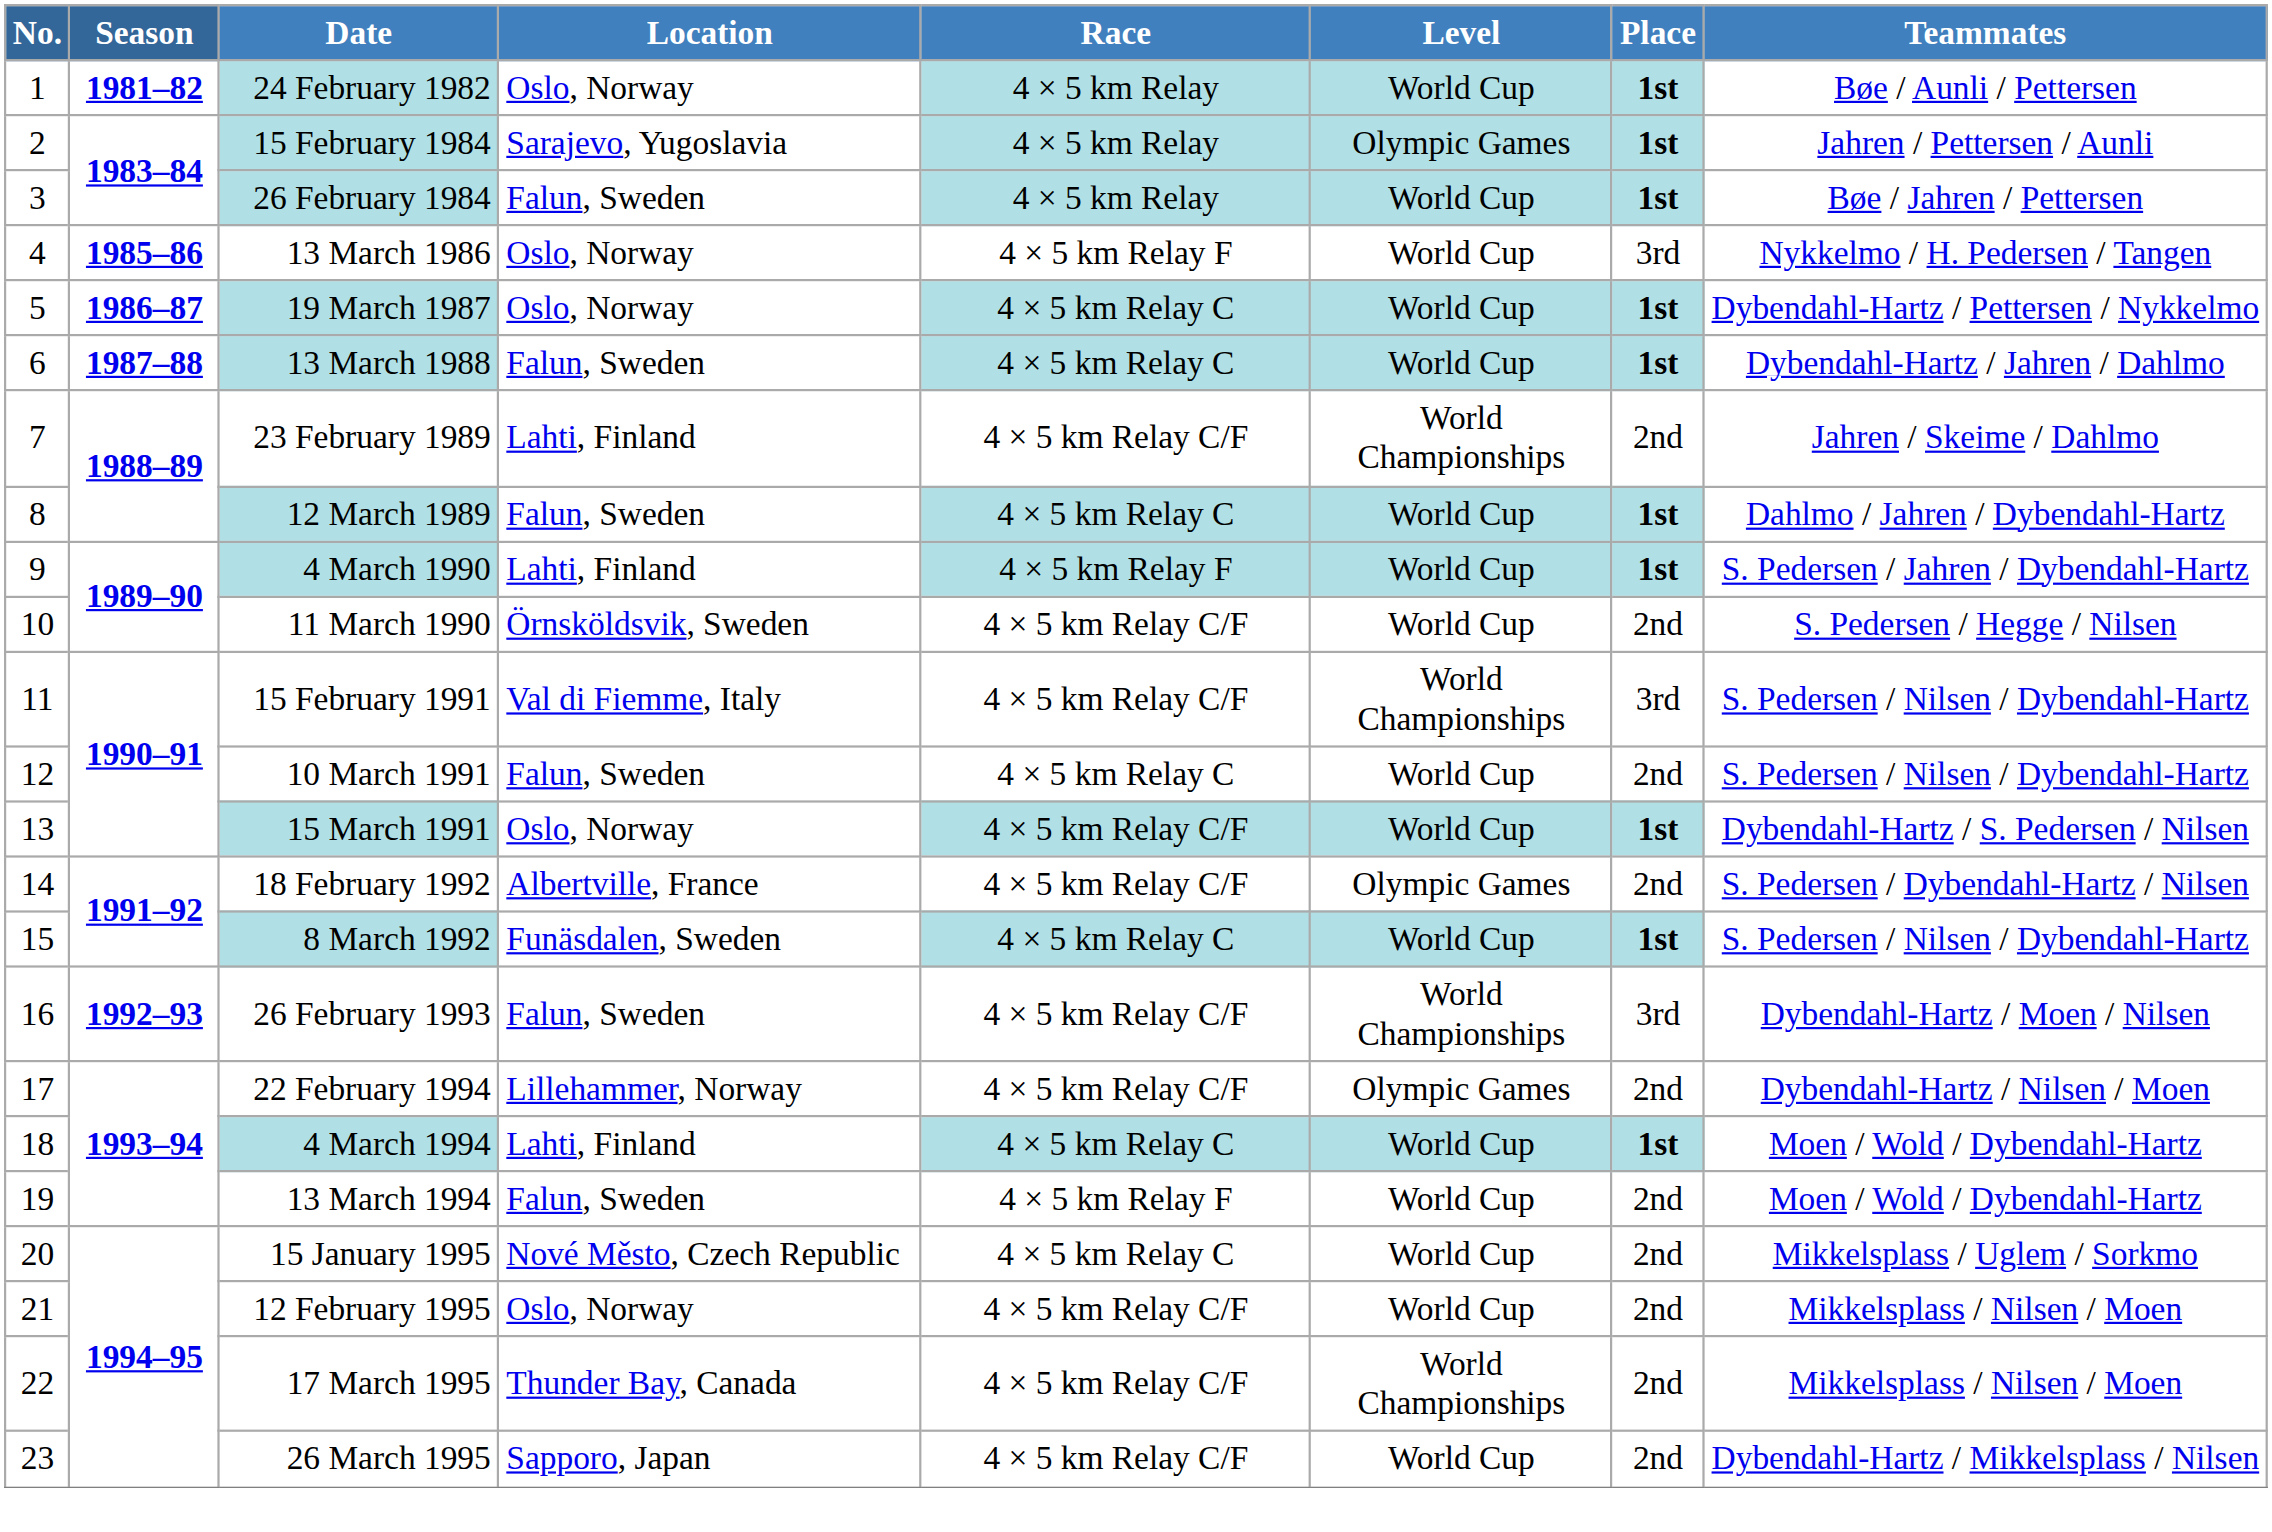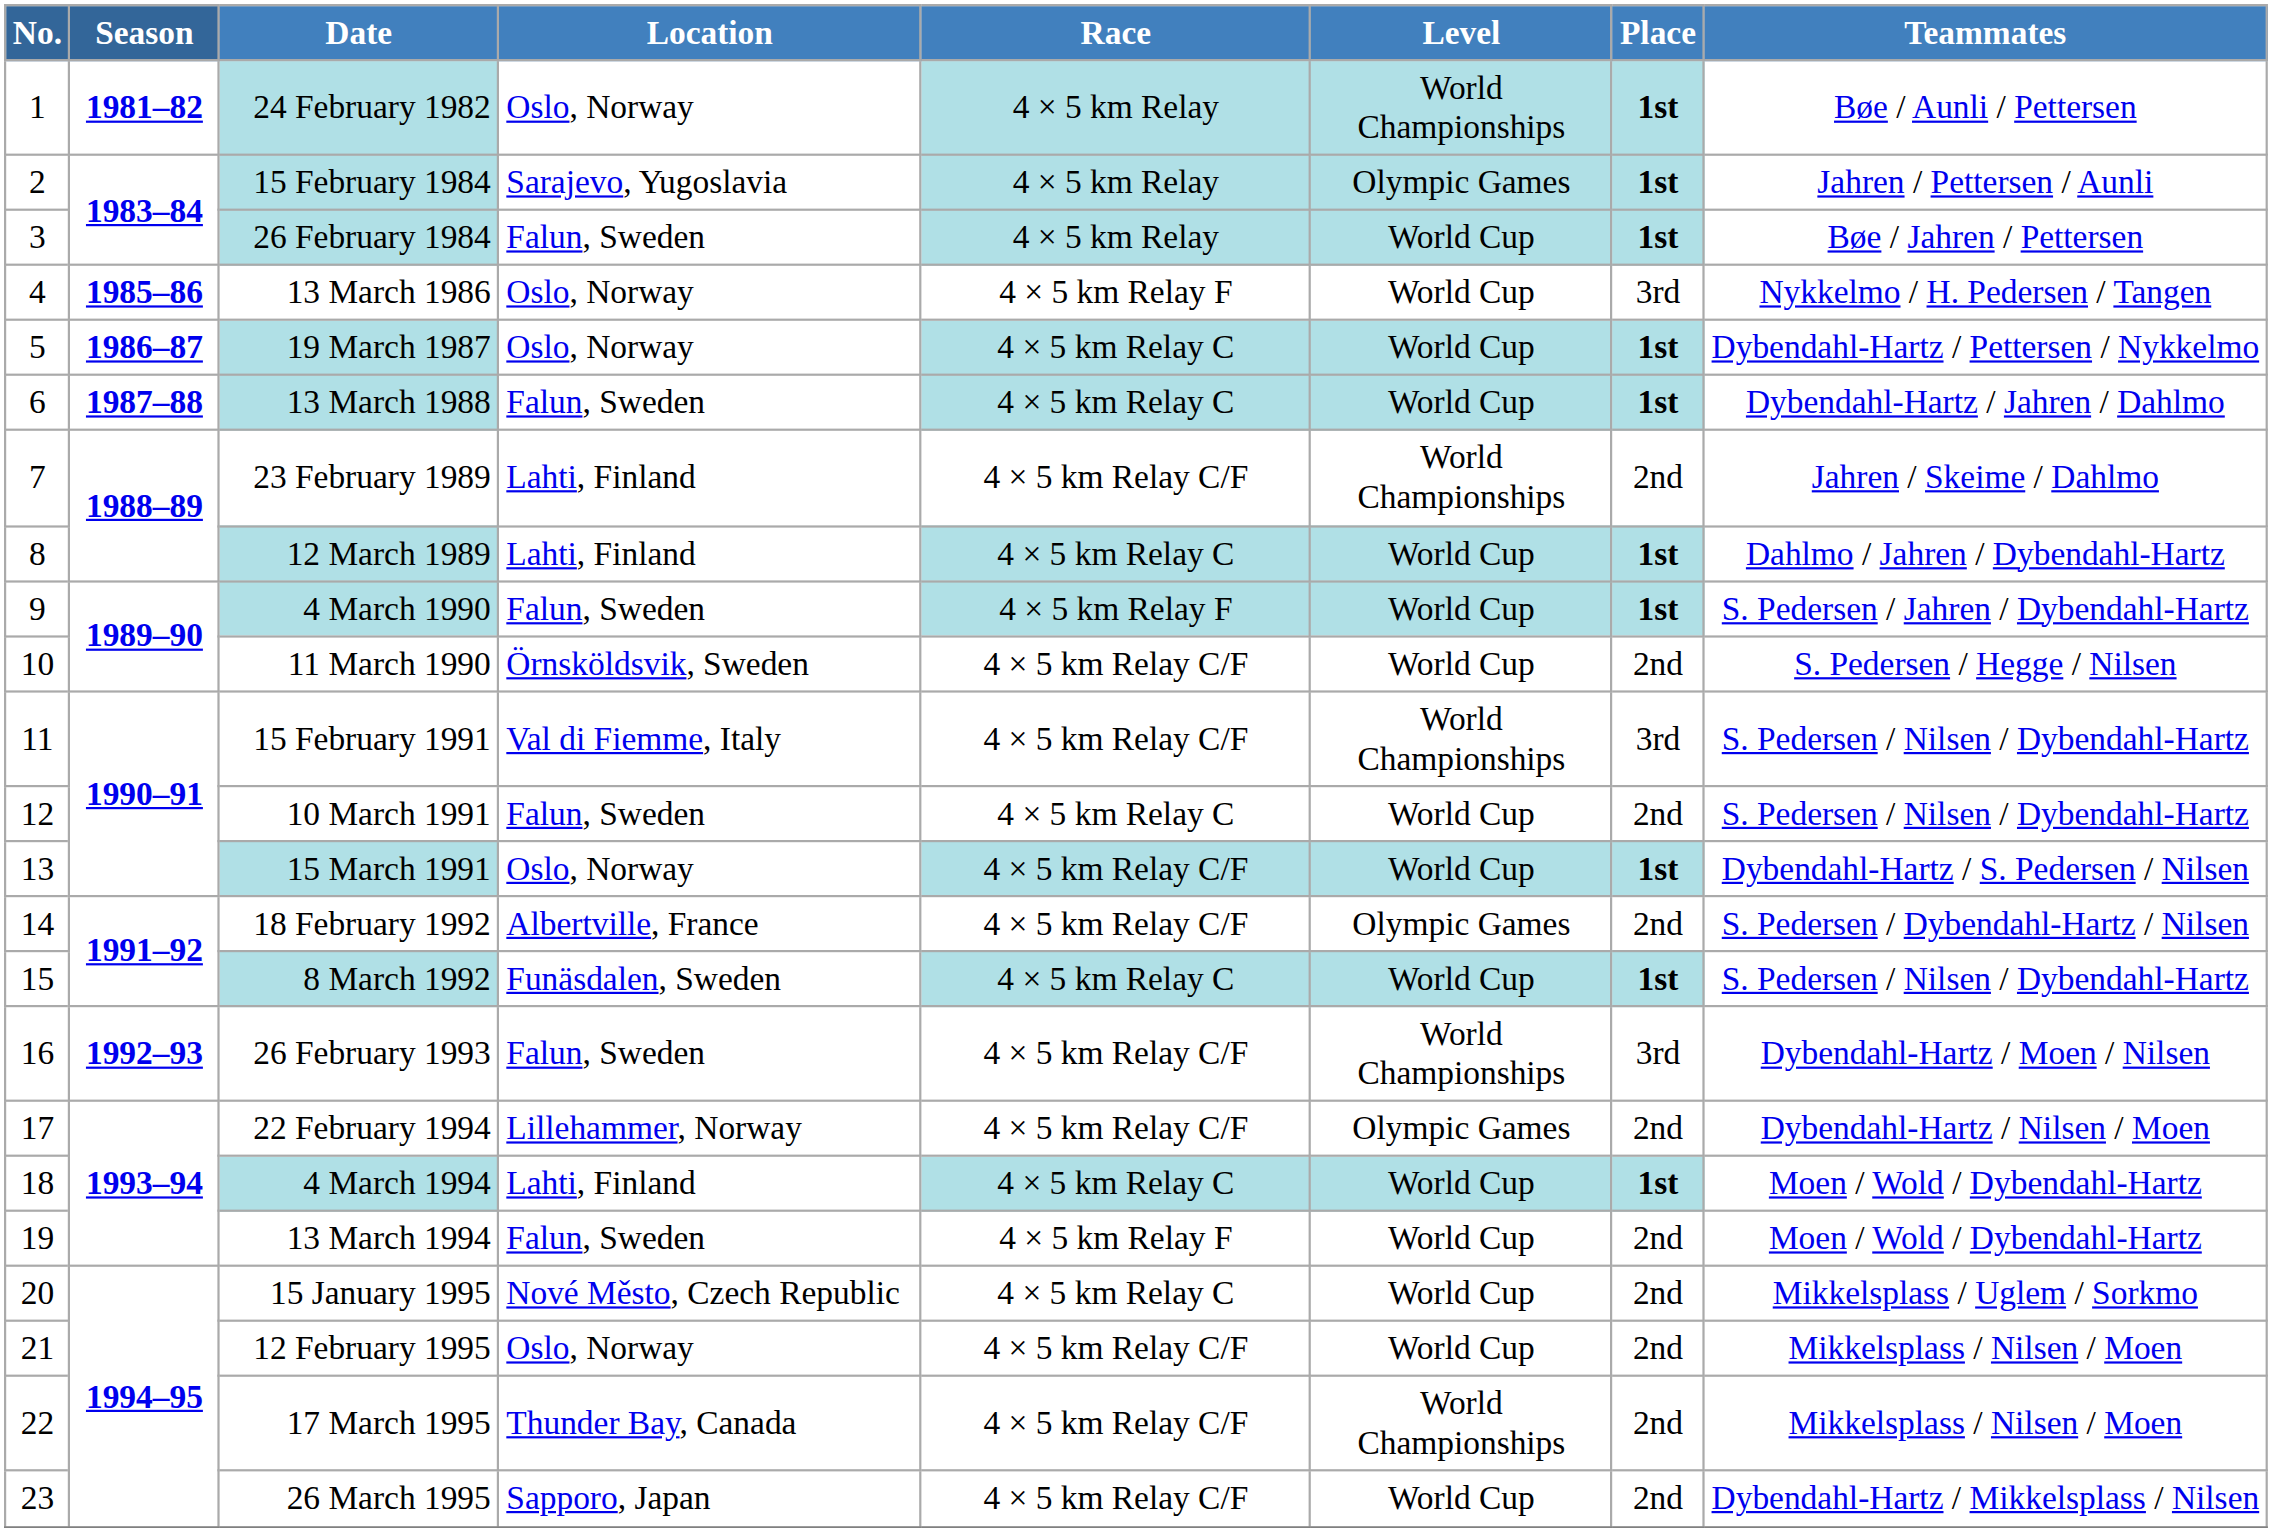 <table class="wikitable sortable" style="font-size:95%; text-align:center; border:grey solid 1px; border-collapse:collapse; background:#ffffff;">
 <tr style="background:#efefef;">
 <th style="background-color:#369; color:white;">No.</th>
 <th style="background-color:#369; color:white;">Season</th>
 <th style="background-color:#4180be; color:white; width:120px;">Date</th>
 <th style="background-color:#4180be; color:white; width:185px;">Location</th>
 <th style="background-color:#4180be; color:white; width:170px;">Race</th>
 <th style="background-color:#4180be; color:white; width:130px;">Level</th>
 <th style="background-color:#4180be; color:white;">Place</th>
 <th style="background-color:#4180be; color:white;">Teammates</th>
 </tr>
 <tr>
 <td align=center>1</td>
 <td rowspan=1 align=center><strong><a href='#'>1981–82</a></strong></td>
 <td bgcolor="#BOEOE6" align=right>24 February 1982</td>
 <td align=left> <a href='#'>Oslo</a>, Norway</td>
 <td bgcolor="#BOEOE6">4 × 5 km Relay</td>
-<td bgcolor="#BOEOE6">World Cup</td>
+<td bgcolor="#BOEOE6">World Championships</td>
 <td bgcolor="#BOEOE6"><strong>1st</strong></td>
 <td><a href='#'>Bøe</a> / <a href='#'>Aunli</a> / <a href='#'>Pettersen</a></td>
 </tr>
 <tr>
 <td align=center>2</td>
 <td rowspan=2 align=center><strong><a href='#'>1983–84</a></strong></td>
 <td bgcolor="#BOEOE6" align=right>15 February 1984</td>
 <td align=left> <a href='#'>Sarajevo</a>, Yugoslavia</td>
 <td bgcolor="#BOEOE6">4 × 5 km Relay</td>
 <td bgcolor="#BOEOE6">Olympic Games</td>
 <td bgcolor="#BOEOE6"><strong>1st</strong></td>
 <td><a href='#'>Jahren</a> / <a href='#'>Pettersen</a> / <a href='#'>Aunli</a></td>
 </tr>
 <tr>
 <td align=center>3</td>
 <td bgcolor="#BOEOE6" align=right>26 February 1984</td>
 <td align=left> <a href='#'>Falun</a>, Sweden</td>
 <td bgcolor="#BOEOE6">4 × 5 km Relay</td>
 <td bgcolor="#BOEOE6">World Cup</td>
 <td bgcolor="#BOEOE6"><strong>1st</strong></td>
 <td><a href='#'>Bøe</a> / <a href='#'>Jahren</a> / <a href='#'>Pettersen</a></td>
 </tr>
 <tr>
 <td align=center>4</td>
 <td rowspan=1 align=center><strong> <a href='#'>1985–86</a> </strong></td>
 <td align=right>13 March 1986</td>
 <td align=left> <a href='#'>Oslo</a>, Norway</td>
 <td>4 × 5 km Relay F</td>
 <td>World Cup</td>
 <td>3rd</td>
 <td><a href='#'>Nykkelmo</a> / <a href='#'>H. Pedersen</a> / <a href='#'>Tangen</a></td>
 </tr>
 <tr>
 <td align=center>5</td>
 <td rowspan=1 align=center><strong><a href='#'>1986–87</a></strong></td>
 <td bgcolor="#BOEOE6" align=right>19 March 1987</td>
 <td align=left> <a href='#'>Oslo</a>, Norway</td>
 <td bgcolor="#BOEOE6">4 × 5 km Relay C</td>
 <td bgcolor="#BOEOE6">World Cup</td>
 <td bgcolor="#BOEOE6"><strong>1st</strong></td>
 <td><a href='#'>Dybendahl-Hartz</a> / <a href='#'>Pettersen</a> / <a href='#'>Nykkelmo</a></td>
 </tr>
 <tr>
 <td align=center>6</td>
 <td rowspan=1 align=center><strong><a href='#'>1987–88</a></strong></td>
 <td bgcolor="#BOEOE6" align=right>13 March 1988</td>
 <td align=left> <a href='#'>Falun</a>, Sweden</td>
 <td bgcolor="#BOEOE6">4 × 5 km Relay C</td>
 <td bgcolor="#BOEOE6">World Cup</td>
 <td bgcolor="#BOEOE6"><strong>1st</strong></td>
 <td><a href='#'>Dybendahl-Hartz</a> / <a href='#'>Jahren</a> / <a href='#'>Dahlmo</a></td>
 </tr>
 <tr>
 <td align=center>7</td>
 <td rowspan=2 align=center><strong> <a href='#'>1988–89</a> </strong></td>
 <td align=right>23 February 1989</td>
 <td align=left> <a href='#'>Lahti</a>, Finland</td>
 <td>4 × 5 km Relay C/F</td>
 <td>World Championships</td>
 <td>2nd</td>
 <td><a href='#'>Jahren</a> / <a href='#'>Skeime</a> / <a href='#'>Dahlmo</a></td>
 </tr>
 <tr>
 <td align=center>8</td>
 <td bgcolor="#BOEOE6" align=right>12 March 1989</td>
-<td align=left> <a href='#'>Falun</a>, Sweden</td>
+<td align=left> <a href='#'>Lahti</a>, Finland</td>
 <td bgcolor="#BOEOE6">4 × 5 km Relay C</td>
 <td bgcolor="#BOEOE6">World Cup</td>
 <td bgcolor="#BOEOE6"><strong>1st</strong></td>
 <td><a href='#'>Dahlmo</a> / <a href='#'>Jahren</a> / <a href='#'>Dybendahl-Hartz</a></td>
 </tr>
 <tr>
 <td align=center>9</td>
 <td rowspan=2 align=center><strong><a href='#'>1989–90</a></strong></td>
 <td bgcolor="#BOEOE6" align=right>4 March 1990</td>
-<td align=left> <a href='#'>Lahti</a>, Finland</td>
+<td align=left> <a href='#'>Falun</a>, Sweden</td>
 <td bgcolor="#BOEOE6">4 × 5 km Relay F</td>
 <td bgcolor="#BOEOE6">World Cup</td>
 <td bgcolor="#BOEOE6"><strong>1st</strong></td>
 <td><a href='#'>S. Pedersen</a> / <a href='#'>Jahren</a> / <a href='#'>Dybendahl-Hartz</a></td>
 </tr>
 <tr>
 <td align=center>10</td>
 <td align=right>11 March 1990</td>
 <td align=left> <a href='#'>Örnsköldsvik</a>, Sweden</td>
 <td>4 × 5 km Relay C/F</td>
 <td>World Cup</td>
 <td>2nd</td>
 <td><a href='#'>S. Pedersen</a> / <a href='#'>Hegge</a> / <a href='#'>Nilsen</a></td>
 </tr>
 <tr>
 <td align=center>11</td>
 <td rowspan=3 align=center><strong> <a href='#'>1990–91</a> </strong></td>
 <td align=right>15 February 1991</td>
 <td align=left> <a href='#'>Val di Fiemme</a>, Italy</td>
 <td>4 × 5 km Relay C/F</td>
 <td>World Championships</td>
 <td>3rd</td>
 <td><a href='#'>S. Pedersen</a> / <a href='#'>Nilsen</a> / <a href='#'>Dybendahl-Hartz</a></td>
 </tr>
 <tr>
 <td align=center>12</td>
 <td align=right>10 March 1991</td>
 <td align=left> <a href='#'>Falun</a>, Sweden</td>
 <td>4 × 5 km Relay C</td>
 <td>World Cup</td>
 <td>2nd</td>
 <td><a href='#'>S. Pedersen</a> / <a href='#'>Nilsen</a> / <a href='#'>Dybendahl-Hartz</a></td>
 </tr>
 <tr>
 <td align=center>13</td>
 <td bgcolor="#BOEOE6" align=right>15 March 1991</td>
 <td align=left> <a href='#'>Oslo</a>, Norway</td>
 <td bgcolor="#BOEOE6">4 × 5 km Relay C/F</td>
 <td bgcolor="#BOEOE6">World Cup</td>
 <td bgcolor="#BOEOE6"><strong>1st</strong></td>
 <td><a href='#'>Dybendahl-Hartz</a> / <a href='#'>S. Pedersen</a> / <a href='#'>Nilsen</a></td>
 </tr>
 <tr>
 <td align=center>14</td>
 <td rowspan=2 align=center><strong> <a href='#'>1991–92</a> </strong></td>
 <td align=right>18 February 1992</td>
 <td align=left> <a href='#'>Albertville</a>, France</td>
 <td>4 × 5 km Relay C/F</td>
 <td>Olympic Games</td>
 <td>2nd</td>
 <td><a href='#'>S. Pedersen</a> / <a href='#'>Dybendahl-Hartz</a> / <a href='#'>Nilsen</a></td>
 </tr>
 <tr>
 <td align=center>15</td>
 <td bgcolor="#BOEOE6" align=right>8 March 1992</td>
 <td align=left> <a href='#'>Funäsdalen</a>, Sweden</td>
 <td bgcolor="#BOEOE6">4 × 5 km Relay C</td>
 <td bgcolor="#BOEOE6">World Cup</td>
 <td bgcolor="#BOEOE6"><strong>1st</strong></td>
 <td><a href='#'>S. Pedersen</a> / <a href='#'>Nilsen</a> / <a href='#'>Dybendahl-Hartz</a></td>
 </tr>
 <tr>
 <td align=center>16</td>
 <td rowspan=1 align=center><strong> <a href='#'>1992–93</a> </strong></td>
 <td align=right>26 February 1993</td>
 <td align=left> <a href='#'>Falun</a>, Sweden</td>
 <td>4 × 5 km Relay C/F</td>
 <td>World Championships</td>
 <td>3rd</td>
 <td><a href='#'>Dybendahl-Hartz</a> / <a href='#'>Moen</a> / <a href='#'>Nilsen</a></td>
 </tr>
 <tr>
 <td align=center>17</td>
 <td rowspan=3 align=center><strong> <a href='#'>1993–94</a> </strong></td>
 <td align=right>22 February 1994</td>
 <td align=left> <a href='#'>Lillehammer</a>, Norway</td>
 <td>4 × 5 km Relay C/F</td>
 <td>Olympic Games</td>
 <td>2nd</td>
 <td><a href='#'>Dybendahl-Hartz</a> / <a href='#'>Nilsen</a> / <a href='#'>Moen</a></td>
 </tr>
 <tr>
 <td align=center>18</td>
 <td bgcolor="#BOEOE6" align=right>4 March 1994</td>
 <td align=left> <a href='#'>Lahti</a>, Finland</td>
 <td bgcolor="#BOEOE6">4 × 5 km Relay C</td>
 <td bgcolor="#BOEOE6">World Cup</td>
 <td bgcolor="#BOEOE6"><strong>1st</strong></td>
 <td><a href='#'>Moen</a> / <a href='#'>Wold</a> / <a href='#'>Dybendahl-Hartz</a></td>
 </tr>
 <tr>
 <td align=center>19</td>
 <td align=right>13 March 1994</td>
 <td align=left> <a href='#'>Falun</a>, Sweden</td>
 <td>4 × 5 km Relay F</td>
 <td>World Cup</td>
 <td>2nd</td>
 <td><a href='#'>Moen</a> / <a href='#'>Wold</a> / <a href='#'>Dybendahl-Hartz</a></td>
 </tr>
 <tr>
 <td align=center>20</td>
 <td rowspan=4 align=center><strong> <a href='#'>1994–95</a> </strong></td>
 <td align=right>15 January 1995</td>
 <td align=left> <a href='#'>Nové Město</a>, Czech Republic</td>
 <td>4 × 5 km Relay C</td>
 <td>World Cup</td>
 <td>2nd</td>
 <td><a href='#'>Mikkelsplass</a> / <a href='#'>Uglem</a> / <a href='#'>Sorkmo</a></td>
 </tr>
 <tr>
 <td align=center>21</td>
 <td align=right>12 February 1995</td>
 <td align=left> <a href='#'>Oslo</a>, Norway</td>
 <td>4 × 5 km Relay C/F</td>
 <td>World Cup</td>
 <td>2nd</td>
 <td><a href='#'>Mikkelsplass</a> / <a href='#'>Nilsen</a> / <a href='#'>Moen</a></td>
 </tr>
 <tr>
 <td align=center>22</td>
 <td align=right>17 March 1995</td>
 <td align=left> <a href='#'>Thunder Bay</a>, Canada</td>
 <td>4 × 5 km Relay C/F</td>
 <td>World Championships</td>
 <td>2nd</td>
 <td><a href='#'>Mikkelsplass</a> / <a href='#'>Nilsen</a> / <a href='#'>Moen</a></td>
 </tr>
 <tr>
 <td align=center>23</td>
 <td align=right>26 March 1995</td>
 <td align=left> <a href='#'>Sapporo</a>, Japan</td>
 <td>4 × 5 km Relay C/F</td>
 <td>World Cup</td>
 <td>2nd</td>
 <td><a href='#'>Dybendahl-Hartz</a> /  <a href='#'>Mikkelsplass</a> / <a href='#'>Nilsen</a></td>
 </tr>
 <tr>
 </tr>
 </table>
